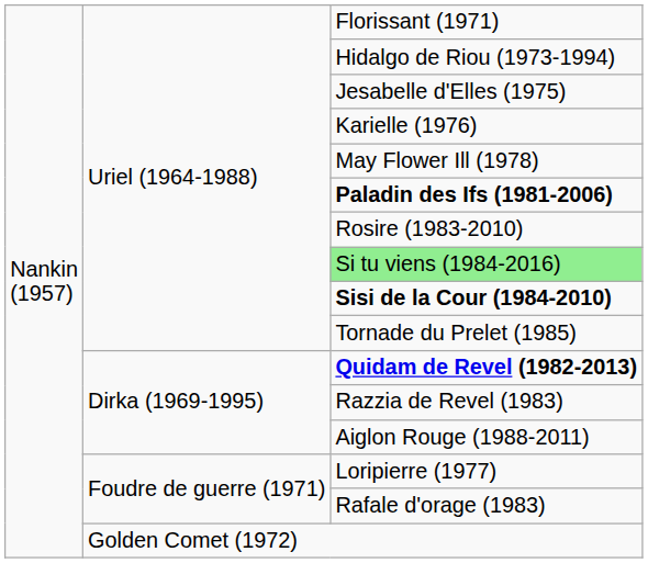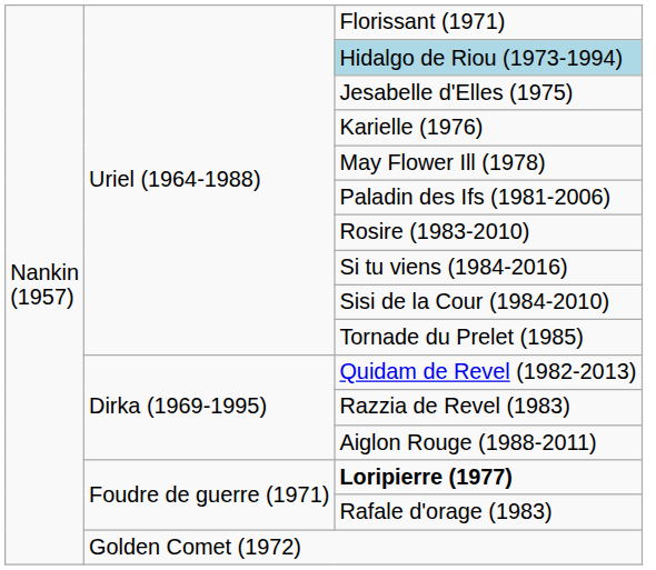 <table class="wikitable">
 <tr>
 <td rowspan="16">Nankin<br>(1957)</td>
 <td rowspan="10">Uriel (1964-1988)</td>
 <td>Florissant (1971)</td>
 </tr>
 <tr>
-<td>Hidalgo de Riou (1973-1994)</td>
+<td style="background: lightblue;">Hidalgo de Riou (1973-1994)</td>
 </tr>
 <tr>
 <td>Jesabelle d'Elles (1975)</td>
 </tr>
 <tr>
 <td>Karielle (1976)</td>
 </tr>
 <tr>
 <td>May Flower Ill (1978)</td>
 </tr>
 <tr>
-<td><strong>Paladin des Ifs (1981-2006)</strong></td>
+<td>Paladin des Ifs (1981-2006)</td>
 </tr>
 <tr>
 <td>Rosire (1983-2010)</td>
 </tr>
 <tr>
-<td style="background: lightgreen;">Si tu viens (1984-2016)</td>
+<td>Si tu viens (1984-2016)</td>
 </tr>
 <tr>
-<td><strong>Sisi de la Cour (1984-2010)</strong></td>
+<td>Sisi de la Cour (1984-2010)</td>
 </tr>
 <tr>
 <td>Tornade du Prelet (1985)</td>
 </tr>
 <tr>
 <td rowspan="3">Dirka (1969-1995)</td>
-<td><strong><a href='#'>Quidam de Revel</a> (1982-2013)</strong></td>
+<td><a href='#'>Quidam de Revel</a> (1982-2013)</td>
 </tr>
 <tr>
 <td>Razzia de Revel (1983)</td>
 </tr>
 <tr>
 <td>Aiglon Rouge (1988-2011)</td>
 </tr>
 <tr>
 <td rowspan="2">Foudre de guerre (1971)</td>
-<td>Loripierre (1977)</td>
+<td><strong>Loripierre (1977)</strong></td>
 </tr>
 <tr>
 <td>Rafale d'orage (1983)</td>
 </tr>
 <tr>
 <td colspan="2">Golden Comet (1972)</td>
 </tr>
 </table>
